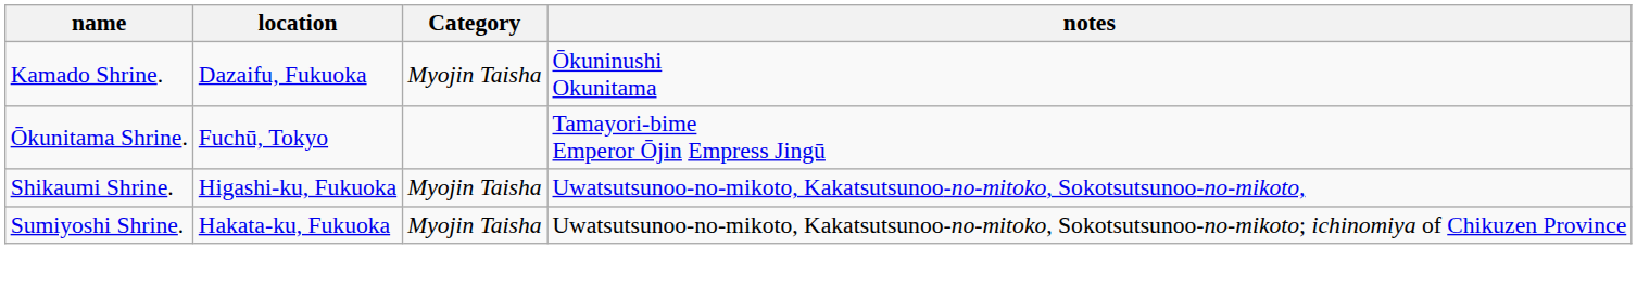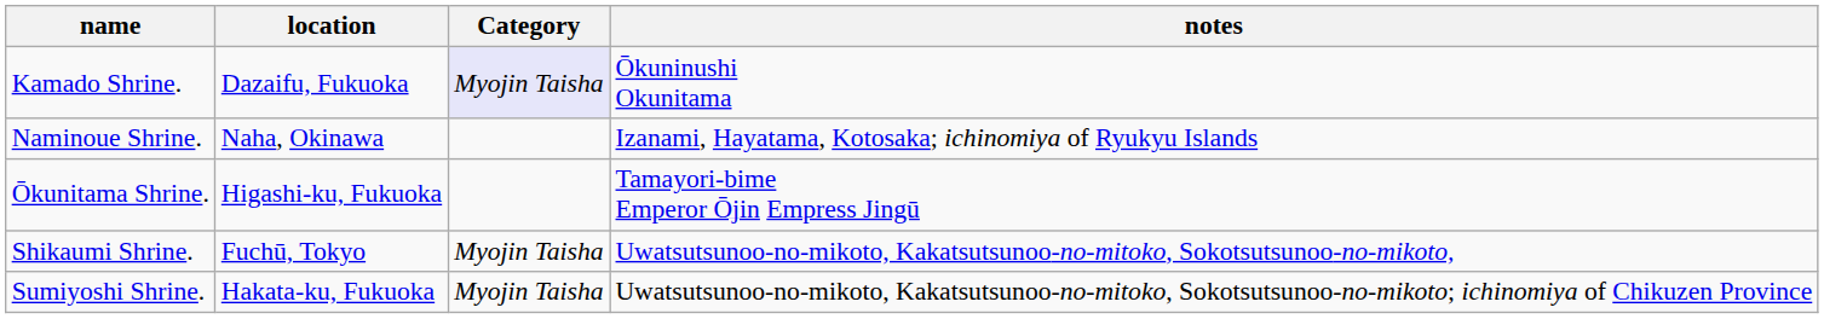 <table class="wikitable">
 <tr>
 <th>name</th>
 <th>location</th>
 <th>Category</th>
 <th>notes</th>
 </tr>
 <tr>
 <td><a href='#'>Kamado Shrine</a>.</td>
 <td><a href='#'>Dazaifu, Fukuoka</a></td>
-<td><em>Myojin Taisha</em></td>
+<td style="background: lavender;"><em>Myojin Taisha</em></td>
 <td><a href='#'>Ōkuninushi</a><br><a href='#'>Okunitama</a></td>
 </tr>
 <tr>
+<td><a href='#'>Naminoue Shrine</a>.</td>
+<td><a href='#'>Naha</a>, <a href='#'>Okinawa</a></td>
+<td></td>
+<td><a href='#'>Izanami</a>, <a href='#'>Hayatama</a>, <a href='#'>Kotosaka</a>; <em>ichinomiya</em> of <a href='#'>Ryukyu Islands</a></td>
+</tr>
+<tr>
 <td><a href='#'>Ōkunitama Shrine</a>.</td>
-<td><a href='#'>Fuchū, Tokyo</a></td>
+<td><a href='#'>Higashi-ku, Fukuoka</a></td>
 <td></td>
 <td><a href='#'>Tamayori-bime</a><br><a href='#'>Emperor Ōjin</a> <a href='#'>Empress Jingū</a></td>
 </tr>
 <tr>
 <td><a href='#'>Shikaumi Shrine</a>.</td>
-<td><a href='#'>Higashi-ku, Fukuoka</a></td>
+<td><a href='#'>Fuchū, Tokyo</a></td>
 <td><em>Myojin Taisha</em></td>
 <td><a href='#'>Uwatsutsunoo-no-mikoto, Kakatsutsunoo<em>-no-mitoko</em>, Sokotsutsunoo<em>-no-mikoto,</em></a></td>
 </tr>
 <tr>
 <td><a href='#'>Sumiyoshi Shrine</a>.</td>
 <td><a href='#'>Hakata-ku, Fukuoka</a></td>
 <td><em>Myojin Taisha</em></td>
 <td>Uwatsutsunoo-no-mikoto, Kakatsutsunoo<em>-no-mitoko</em>, Sokotsutsunoo<em>-no-mikoto</em>; <em>ichinomiya</em> of <a href='#'>Chikuzen Province</a></td>
 </tr>
 </table>
